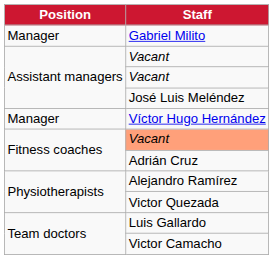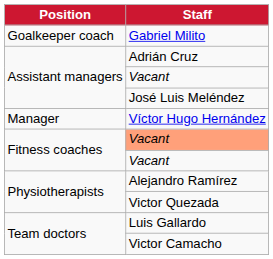 <table class="wikitable">
 <tr>
 <th style=background-color:#CD1731;color:#FFFFFF>Position</th>
 <th style=background-color:#CD1731;color:#FFFFFF>Staff</th>
 </tr>
 <tr>
-<td>Manager</td>
+<td>Goalkeeper coach</td>
 <td> <a href='#'>Gabriel Milito</a></td>
 </tr>
 <tr>
 <td rowspan="3">Assistant managers</td>
-<td><em>Vacant</em></td>
+<td> Adrián Cruz</td>
 </tr>
 <tr>
 <td><em>Vacant</em></td>
 </tr>
 <tr>
 <td> José Luis Meléndez</td>
 </tr>
 <tr>
 <td>Manager</td>
 <td> <a href='#'>Víctor Hugo Hernández</a></td>
 </tr>
 <tr>
 <td rowspan="2">Fitness coaches</td>
 <td style="background: lightsalmon;"><em>Vacant</em></td>
 </tr>
 <tr>
-<td> Adrián Cruz</td>
+<td><em>Vacant</em></td>
 </tr>
 <tr>
 <td rowspan="2">Physiotherapists</td>
 <td> Alejandro Ramírez</td>
 </tr>
 <tr>
 <td> Victor Quezada</td>
 </tr>
 <tr>
 <td rowspan="2">Team doctors</td>
 <td> Luis Gallardo</td>
 </tr>
 <tr>
 <td> Victor Camacho</td>
 </tr>
 </table>
